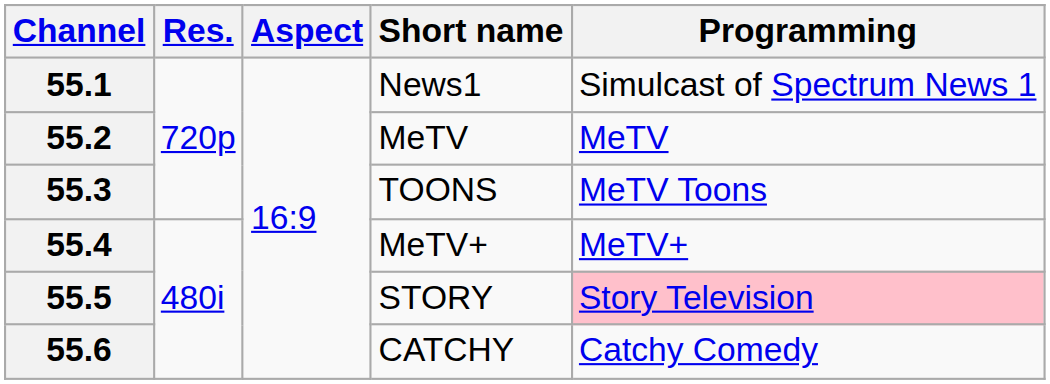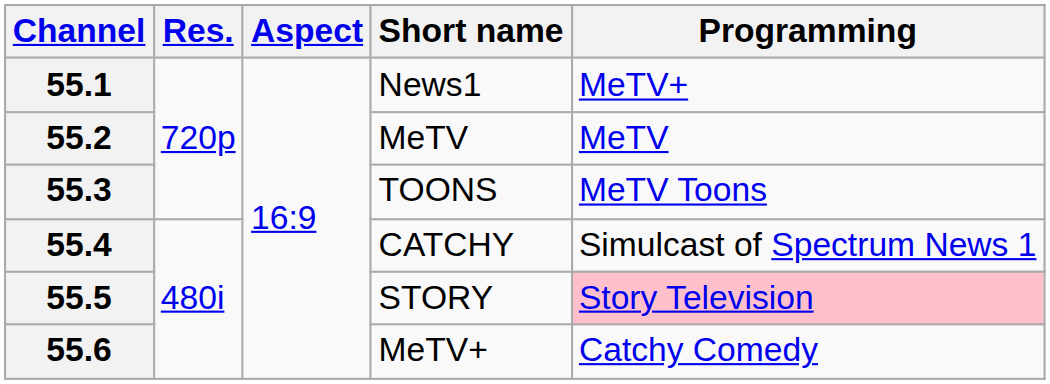 <table class="wikitable">
 <tr>
 <th scope = "col"><a href='#'>Channel</a></th>
 <th scope = "col"><a href='#'>Res.</a></th>
 <th scope = "col"><a href='#'>Aspect</a></th>
 <th scope = "col">Short name</th>
 <th scope = "col">Programming</th>
 </tr>
 <tr>
 <th scope = "row">55.1</th>
 <td rowspan="3"><a href='#'>720p</a></td>
 <td rowspan="6"><a href='#'>16:9</a></td>
 <td>News1</td>
-<td>Simulcast of <a href='#'>Spectrum News 1</a></td>
+<td><a href='#'>MeTV+</a></td>
 </tr>
 <tr>
 <th scope = "row">55.2</th>
 <td>MeTV</td>
 <td><a href='#'>MeTV</a></td>
 </tr>
 <tr>
 <th scope = "row">55.3</th>
 <td>TOONS</td>
 <td><a href='#'>MeTV Toons</a></td>
 </tr>
 <tr>
 <th scope = "row">55.4</th>
 <td rowspan="3"><a href='#'>480i</a></td>
-<td>MeTV+</td>
-<td><a href='#'>MeTV+</a></td>
+<td>CATCHY</td>
+<td>Simulcast of <a href='#'>Spectrum News 1</a></td>
 </tr>
 <tr>
 <th scope = "row">55.5</th>
 <td>STORY</td>
 <td style="background: pink;"><a href='#'>Story Television</a></td>
 </tr>
 <tr>
 <th scope = "row">55.6</th>
-<td>CATCHY</td>
+<td>MeTV+</td>
 <td><a href='#'>Catchy Comedy</a></td>
 </tr>
 </table>
